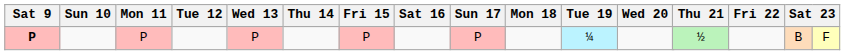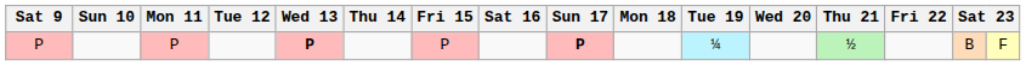 <table class="wikitable" style="margin:0.5em auto; font-size:90%; line-height:1.25em; text-align:center">
 <tr>
 <th width="45">Sat 9</th>
 <th width="45">Sun 10</th>
 <th width="45">Mon 11</th>
 <th width="45">Tue 12</th>
 <th width="45">Wed 13</th>
 <th width="45">Thu 14</th>
 <th width="45">Fri 15</th>
 <th width="45">Sat 16</th>
 <th width="45">Sun 17</th>
 <th width="45">Mon 18</th>
 <th width="45" colspan="2">Tue 19</th>
 <th width="45" colspan="2">Wed 20</th>
 <th width="45" colspan="2">Thu 21</th>
 <th width="45">Fri 22</th>
 <th width="45" colspan="2">Sat 23</th>
 </tr>
 <tr>
+<td bgcolor="#FFBBBB">P</td>
+<td></td>
+<td bgcolor="#FFBBBB">P</td>
+<td></td>
 <td bgcolor="#FFBBBB"><strong>P</strong></td>
 <td></td>
 <td bgcolor="#FFBBBB">P</td>
 <td></td>
-<td bgcolor="#FFBBBB">P</td>
-<td></td>
-<td bgcolor="#FFBBBB">P</td>
-<td></td>
-<td bgcolor="#FFBBBB">P</td>
+<td bgcolor="#FFBBBB"><strong>P</strong></td>
 <td></td>
 <td bgcolor="#BBF3FF" colspan="2">¼</td>
 <td colspan="2"></td>
 <td bgcolor="#BBF3BB" colspan="2">½</td>
 <td></td>
 <td bgcolor="#FEDCBA">B</td>
 <td bgcolor="#FFFFBB">F</td>
 </tr>
 </table>
